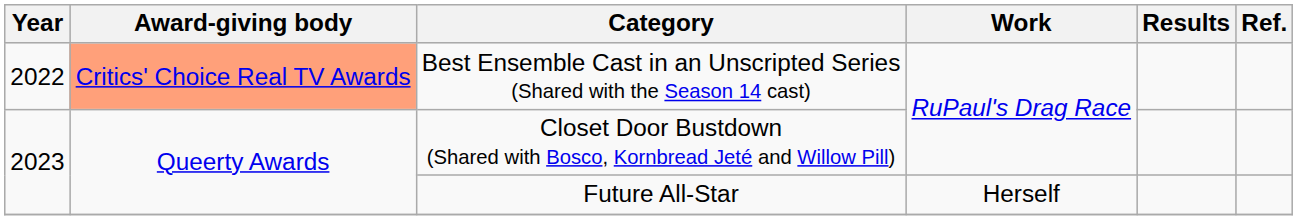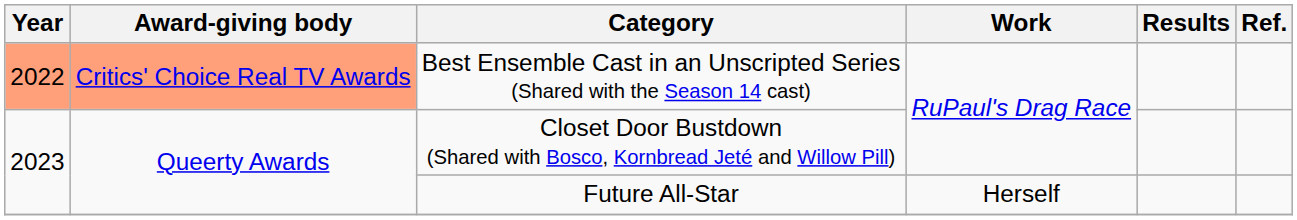 <table class="wikitable sortable" >
 <tr>
 <th>Year</th>
 <th>Award-giving body</th>
 <th>Category</th>
 <th>Work</th>
 <th>Results</th>
 <th>Ref.</th>
 </tr>
 <tr>
-<td style="text-align:center">2022</td>
+<td style="background: lightsalmon; text-align:center">2022</td>
 <td style="background: lightsalmon; text-align:center"><a href='#'>Critics' Choice Real TV Awards</a></td>
 <td style="text-align:center">Best Ensemble Cast in an Unscripted Series<br><small>(Shared with the <a href='#'>Season 14</a> cast)</small></td>
 <td style="text-align:center" rowspan="2"><a href='#'><em>RuPaul's Drag Race</em></a></td>
 <td></td>
 <td style="text-align:center"></td>
 </tr>
 <tr>
 <td style="text-align:center" rowspan="2">2023</td>
 <td style="text-align:center" rowspan="2"><a href='#'>Queerty Awards</a></td>
 <td style="text-align:center">Closet Door Bustdown<br><small>(Shared with <a href='#'>Bosco</a>, <a href='#'>Kornbread Jeté</a> and <a href='#'>Willow Pill</a>)</small></td>
 <td></td>
 <td style="text-align:center"></td>
 </tr>
 <tr>
 <td style="text-align:center">Future All-Star</td>
 <td style="text-align:center">Herself</td>
 <td></td>
 <td style="text-align:center"></td>
 </tr>
 <tr>
 </tr>
 </table>
